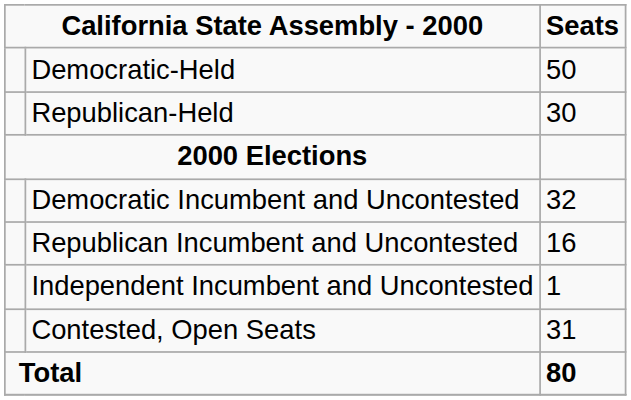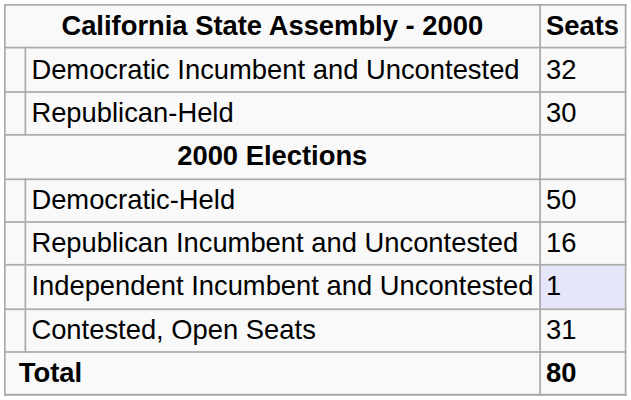 <table class="wikitable">
 <tr>
 <td colspan="2" rowspan="1" align="center" valign="top"><strong>California State Assembly - 2000</strong></td>
 <td valign="top"><strong>Seats</strong><br></td>
 </tr>
 <tr>
 <td style="background-color:"> </td>
-<td>Democratic-Held</td>
-<td>50</td>
+<td>Democratic Incumbent and Uncontested</td>
+<td>32</td>
 </tr>
 <tr>
 <td style="background-color:"> </td>
 <td>Republican-Held</td>
 <td>30</td>
 </tr>
 <tr>
 <td colspan="2" rowspan="1" align="center"><strong>2000 Elections</strong></td>
 </tr>
 <tr>
 <td style="background-color:"> </td>
-<td>Democratic Incumbent and Uncontested</td>
-<td>32</td>
+<td>Democratic-Held</td>
+<td>50</td>
 </tr>
 <tr>
 <td style="background-color:"> </td>
 <td>Republican Incumbent and Uncontested</td>
 <td>16</td>
 </tr>
 <tr>
 <td style="background-color:"> </td>
 <td>Independent Incumbent and Uncontested</td>
-<td>1</td>
+<td style="background: lavender;">1</td>
 </tr>
 <tr>
 <td style="background-color:"> </td>
 <td>Contested, Open Seats</td>
 <td>31</td>
 </tr>
 <tr>
 <td colspan="2" rowspan="1"> <strong>Total</strong><br></td>
 <td><strong>80</strong></td>
 </tr>
 <tr>
 </tr>
 </table>
